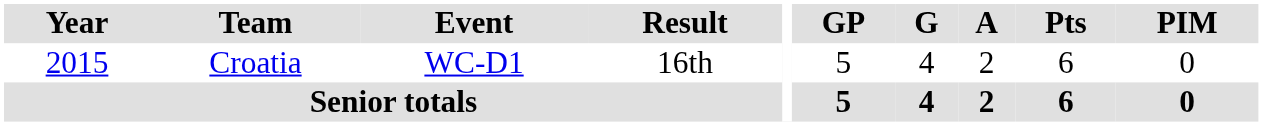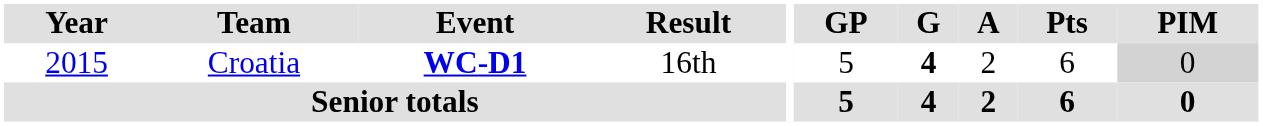 <table border="0" cellpadding="1" cellspacing="0" ID="Table3" style="text-align:center; width:40em">
 <tr ALIGN="center" bgcolor="#e0e0e0">
 <th>Year</th>
 <th>Team</th>
 <th>Event</th>
 <th>Result</th>
 <th rowspan="99" bgcolor="#ffffff"></th>
 <th>GP</th>
 <th>G</th>
 <th>A</th>
 <th>Pts</th>
 <th>PIM</th>
 </tr>
 <tr ALIGN="center">
 <td><a href='#'>2015</a></td>
 <td><a href='#'>Croatia</a></td>
-<td><a href='#'>WC-D1</a></td>
+<td><strong><a href='#'>WC-D1</a></strong></td>
 <td>16th</td>
 <td>5</td>
-<td>4</td>
+<td><strong>4</strong></td>
 <td>2</td>
 <td>6</td>
-<td>0</td>
+<td style="background: lightgrey;">0</td>
 </tr>
 <tr bgcolor="#e0e0e0">
 <th colspan="4">Senior totals</th>
 <th>5</th>
 <th>4</th>
 <th>2</th>
 <th>6</th>
 <th>0</th>
 </tr>
 </table>
